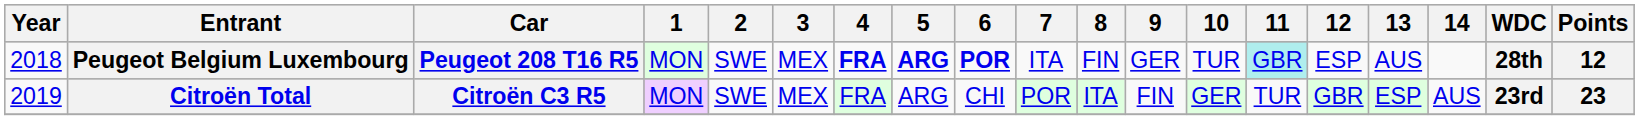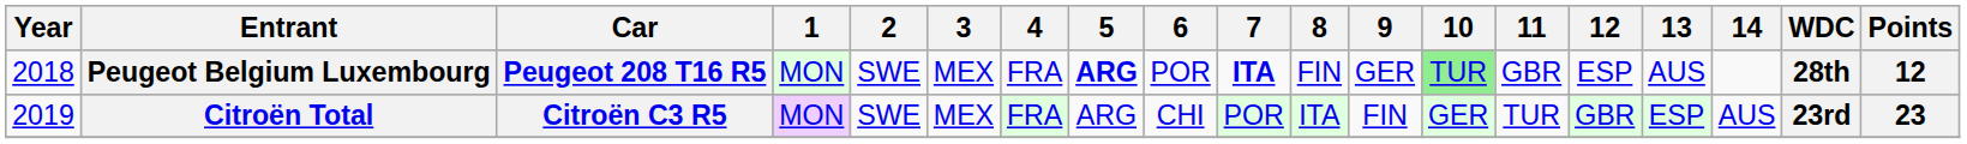 <table class="wikitable" border="1" style="text-align:center; font-size:90%;">
 <tr>
 <th>Year</th>
 <th>Entrant</th>
 <th>Car</th>
 <th>1</th>
 <th>2</th>
 <th>3</th>
 <th>4</th>
 <th>5</th>
 <th>6</th>
 <th>7</th>
 <th>8</th>
 <th>9</th>
 <th>10</th>
 <th>11</th>
 <th>12</th>
 <th>13</th>
 <th>14</th>
 <th>WDC</th>
 <th>Points</th>
 </tr>
 <tr>
 <td><a href='#'>2018</a></td>
 <th>Peugeot Belgium Luxembourg</th>
 <th><a href='#'>Peugeot 208 T16 R5</a></th>
 <td style="background:#DFFFDF;"><a href='#'>MON</a><br></td>
 <td><a href='#'>SWE</a></td>
 <td><a href='#'>MEX</a></td>
-<td><strong><a href='#'>FRA</a></strong></td>
+<td><a href='#'>FRA</a></td>
 <td><strong><a href='#'>ARG</a></strong></td>
-<td><strong><a href='#'>POR</a></strong></td>
-<td><a href='#'>ITA</a></td>
+<td><a href='#'>POR</a></td>
+<td><strong><a href='#'>ITA</a></strong></td>
 <td><a href='#'>FIN</a></td>
 <td><a href='#'>GER</a></td>
-<td><a href='#'>TUR</a></td>
-<td style="background: paleturquoise;"><a href='#'>GBR</a></td>
+<td style="background: lightgreen;"><a href='#'>TUR</a></td>
+<td><a href='#'>GBR</a></td>
 <td><a href='#'>ESP</a></td>
 <td><a href='#'>AUS</a></td>
 <td></td>
 <th>28th</th>
 <th>12</th>
 </tr>
 <tr>
 <td><a href='#'>2019</a></td>
 <th><a href='#'>Citroën Total</a></th>
 <th><a href='#'>Citroën C3 R5</a></th>
 <td style="background:#EFCFFF;"><a href='#'>MON</a><br></td>
 <td><a href='#'>SWE</a></td>
 <td><a href='#'>MEX</a></td>
 <td style="background:#DFFFDF;"><a href='#'>FRA</a><br></td>
 <td><a href='#'>ARG</a></td>
 <td><a href='#'>CHI</a></td>
 <td style="background:#DFFFDF;"><a href='#'>POR</a><br></td>
 <td style="background:#DFFFDF;"><a href='#'>ITA</a><br></td>
 <td><a href='#'>FIN</a></td>
 <td style="background:#DFFFDF;"><a href='#'>GER</a><br></td>
 <td><a href='#'>TUR</a></td>
 <td style="background:#DFFFDF;"><a href='#'>GBR</a><br></td>
 <td style="background:#DFFFDF;"><a href='#'>ESP</a><br></td>
 <td><a href='#'>AUS</a></td>
 <th>23rd</th>
 <th>23</th>
 </tr>
 <tr>
 </tr>
 </table>
